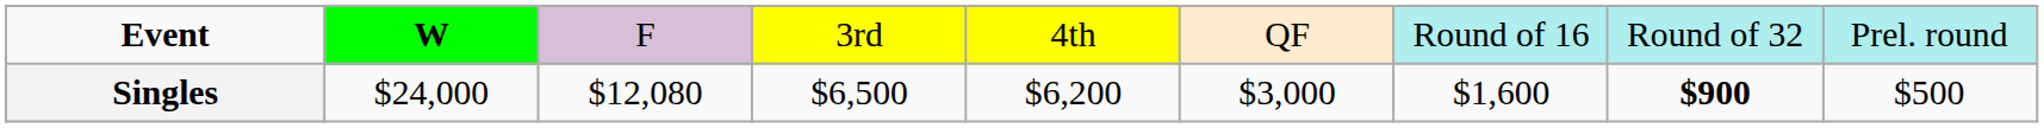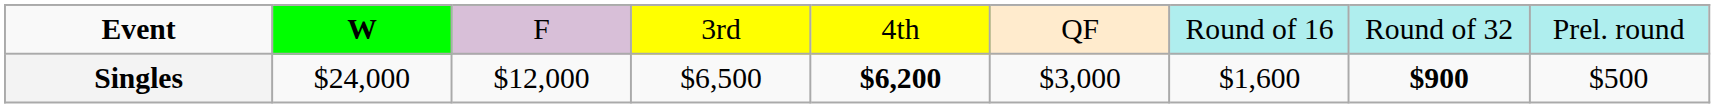 <table class=wikitable style=font-size:95%;text-align:center>
 <tr>
 <td style="width:130px"><strong>Event</strong></td>
 <td style="width:85px; background:lime"><strong>W</strong></td>
 <td style="width:85px; background:thistle">F</td>
 <td style="width:85px; background:#ffff00">3rd</td>
 <td style="width:85px; background:#ffff00">4th</td>
 <td style="width:85px; background:#ffebcd">QF</td>
 <td style="width:85px; background:#afeeee">Round of 16</td>
 <td style="width:85px; background:#afeeee">Round of 32</td>
 <td style="width:85px; background:#afeeee">Prel. round</td>
 </tr>
 <tr>
 <th style=background:#f3f3f3>Singles </th>
 <td>$24,000</td>
-<td>$12,080</td>
+<td>$12,000</td>
 <td>$6,500</td>
-<td>$6,200</td>
+<td><strong>$6,200</strong></td>
 <td>$3,000</td>
 <td>$1,600</td>
 <td><strong>$900</strong></td>
 <td>$500</td>
 </tr>
 </table>
